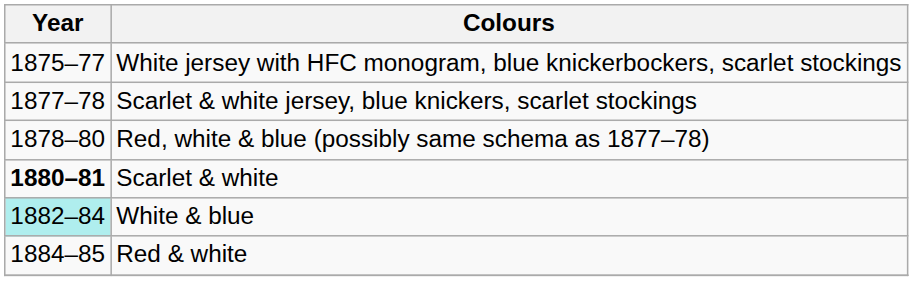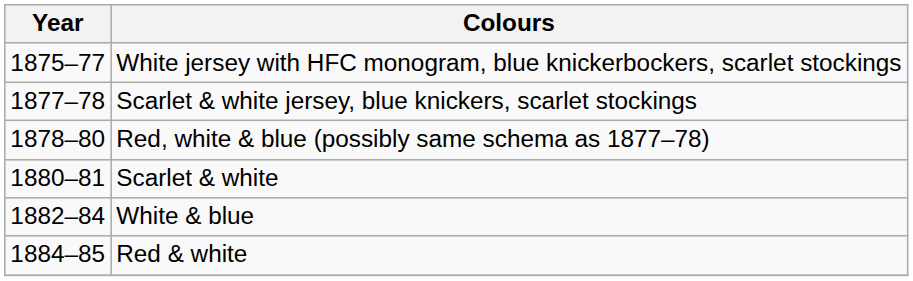 <table class="wikitable">
 <tr>
 <th>Year</th>
 <th>Colours</th>
 </tr>
 <tr>
 <td>1875–77</td>
 <td>White jersey with HFC monogram, blue knickerbockers, scarlet stockings</td>
 </tr>
 <tr>
 <td>1877–78</td>
 <td>Scarlet & white jersey, blue knickers, scarlet stockings</td>
 </tr>
 <tr>
 <td>1878–80</td>
 <td>Red, white & blue (possibly same schema as 1877–78)</td>
 </tr>
 <tr>
-<td><strong>1880–81</strong></td>
+<td>1880–81</td>
 <td>Scarlet & white</td>
 </tr>
 <tr>
-<td style="background: paleturquoise;">1882–84</td>
+<td>1882–84</td>
 <td>White & blue</td>
 </tr>
 <tr>
 <td>1884–85</td>
 <td>Red & white</td>
 </tr>
 <tr>
 </tr>
 </table>
